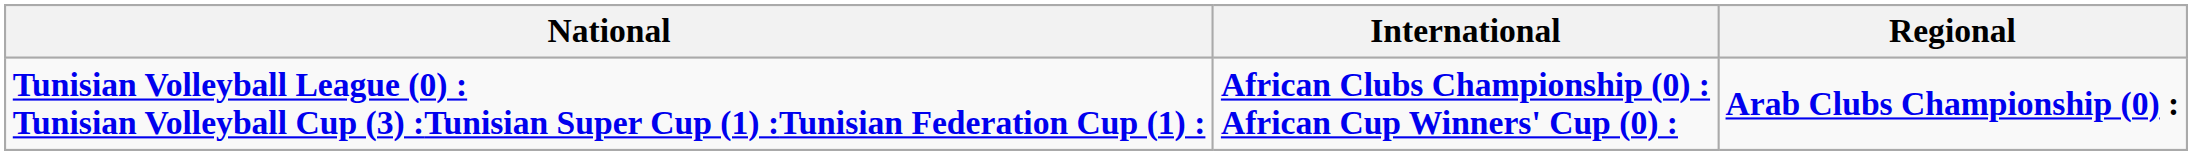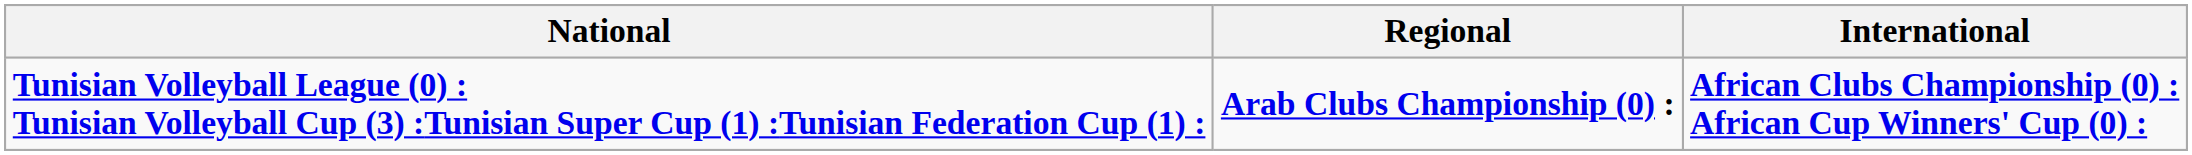 <table class="wikitable">
 <tr>
 <th><strong>National </strong></th>
+<th>Regional</th>
 <th><strong>International</strong></th>
-<th>Regional</th>
 </tr>
 <tr>
 <td><strong><a href='#'>Tunisian Volleyball League (0) :</a></strong><br><strong><a href='#'>Tunisian Volleyball Cup (3) :</a></strong><strong><a href='#'>Tunisian Super Cup (1) :</a></strong><strong><a href='#'>Tunisian Federation Cup (1) :</a></strong></td>
+<td><strong><a href='#'>Arab Clubs Championship  (0)</a> :</strong></td>
 <td><strong><a href='#'>African Clubs Championship (0) :</a></strong><br><strong><a href='#'>African Cup Winners' Cup (0) :</a> </strong></td>
-<td><strong><a href='#'>Arab Clubs Championship  (0)</a> :</strong></td>
 </tr>
 </table>
